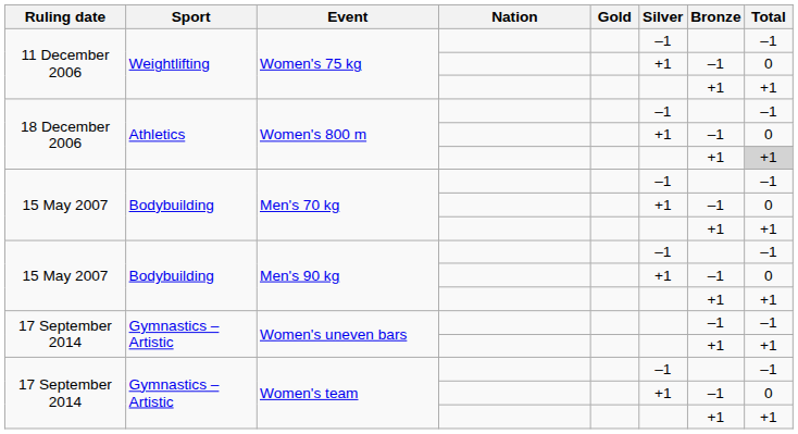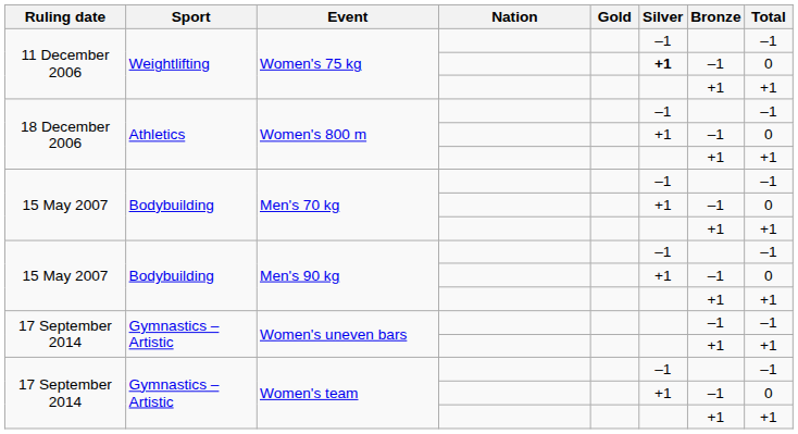 <table class="wikitable" style="text-align:center; font-size:90%;">
 <tr>
 <th scope="col" width="110">Ruling date</th>
 <th scope="col" width="120">Sport</th>
 <th scope="col" width="170">Event</th>
 <th scope="col" width="140">Nation</th>
 <th scope="col" width="40">Gold</th>
 <th scope="col" width="40">Silver</th>
 <th scope="col" width="40">Bronze</th>
 <th scope="col" width="40">Total</th>
 </tr>
 <tr>
 <td rowspan=3>11 December 2006</td>
 <td rowspan=3 align=left><a href='#'>Weightlifting</a></td>
 <td rowspan=3 align=left><a href='#'>Women's 75 kg</a></td>
 <td align=left></td>
 <td></td>
 <td>–1</td>
 <td></td>
 <td>–1</td>
 </tr>
 <tr>
 <td align=left></td>
 <td></td>
-<td>+1</td>
+<td><strong>+1</strong></td>
 <td>–1</td>
 <td>0</td>
 </tr>
 <tr>
 <td align=left></td>
 <td></td>
 <td></td>
 <td>+1</td>
 <td>+1</td>
 </tr>
 <tr>
 <td rowspan=3>18 December 2006</td>
 <td rowspan=3 align=left><a href='#'>Athletics</a></td>
 <td rowspan=3 align=left><a href='#'>Women's 800 m</a></td>
 <td align=left></td>
 <td></td>
 <td>–1</td>
 <td></td>
 <td>–1</td>
 </tr>
 <tr>
 <td align=left></td>
 <td></td>
 <td>+1</td>
 <td>–1</td>
 <td>0</td>
 </tr>
 <tr>
 <td align=left></td>
 <td></td>
 <td></td>
 <td>+1</td>
-<td style="background: lightgrey;">+1</td>
+<td>+1</td>
 </tr>
 <tr>
 <td rowspan=3>15 May 2007</td>
 <td rowspan=3 align=left><a href='#'>Bodybuilding</a></td>
 <td rowspan=3 align=left><a href='#'>Men's 70 kg</a></td>
 <td align=left></td>
 <td></td>
 <td>–1</td>
 <td></td>
 <td>–1</td>
 </tr>
 <tr>
 <td align=left></td>
 <td></td>
 <td>+1</td>
 <td>–1</td>
 <td>0</td>
 </tr>
 <tr>
 <td align=left></td>
 <td></td>
 <td></td>
 <td>+1</td>
 <td>+1</td>
 </tr>
 <tr>
 <td rowspan=3>15 May 2007</td>
 <td rowspan=3 align=left><a href='#'>Bodybuilding</a></td>
 <td rowspan=3 align=left><a href='#'>Men's 90 kg</a></td>
 <td align=left></td>
 <td></td>
 <td>–1</td>
 <td></td>
 <td>–1</td>
 </tr>
 <tr>
 <td align=left></td>
 <td></td>
 <td>+1</td>
 <td>–1</td>
 <td>0</td>
 </tr>
 <tr>
 <td align=left></td>
 <td></td>
 <td></td>
 <td>+1</td>
 <td>+1</td>
 </tr>
 <tr>
 <td rowspan=2>17 September 2014</td>
 <td rowspan=2 align=left><a href='#'>Gymnastics – Artistic</a></td>
 <td rowspan=2 align=left><a href='#'>Women's uneven bars</a></td>
 <td align=left></td>
 <td></td>
 <td></td>
 <td>–1</td>
 <td>–1</td>
 </tr>
 <tr>
 <td align=left></td>
 <td></td>
 <td></td>
 <td>+1</td>
 <td>+1</td>
 </tr>
 <tr>
 <td rowspan=3>17 September 2014</td>
 <td rowspan=3 align=left><a href='#'>Gymnastics – Artistic</a></td>
 <td rowspan=3 align=left><a href='#'>Women's team</a></td>
 <td align=left></td>
 <td></td>
 <td>–1</td>
 <td></td>
 <td>–1</td>
 </tr>
 <tr>
 <td align=left></td>
 <td></td>
 <td>+1</td>
 <td>–1</td>
 <td>0</td>
 </tr>
 <tr>
 <td align=left></td>
 <td></td>
 <td></td>
 <td>+1</td>
 <td>+1</td>
 </tr>
 </table>
